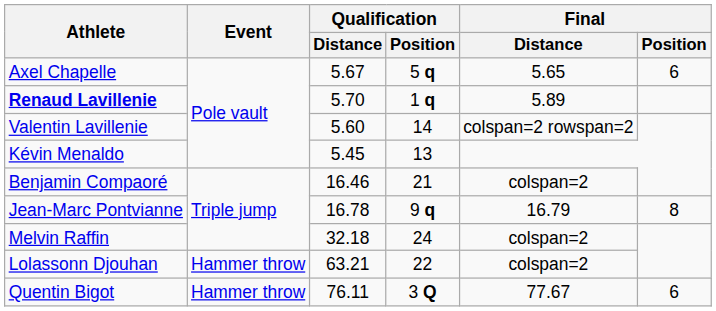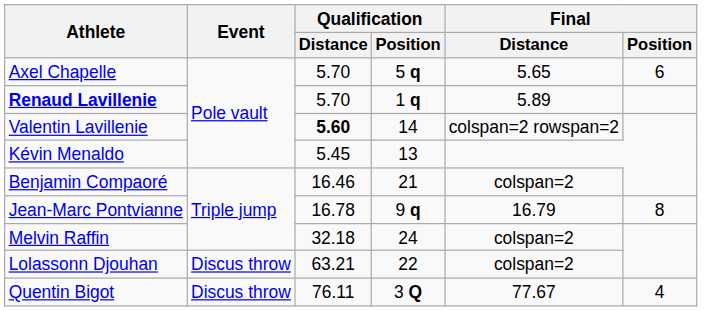 <table class=wikitable style=font-size:90%>
 <tr>
 <th rowspan=2>Athlete</th>
 <th rowspan=2>Event</th>
 <th colspan=2>Qualification</th>
 <th colspan=2>Final</th>
 </tr>
 <tr style=font-size:95%>
 <th>Distance</th>
 <th>Position</th>
 <th>Distance</th>
 <th>Position</th>
 </tr>
 <tr align=center>
 <td align=left><a href='#'>Axel Chapelle</a></td>
 <td align=left rowspan=4><a href='#'>Pole vault</a></td>
-<td>5.67</td>
+<td>5.70</td>
 <td>5 <strong>q</strong></td>
 <td>5.65</td>
 <td>6</td>
 </tr>
 <tr align=center>
 <td align=left><strong><a href='#'>Renaud Lavillenie</a></strong></td>
 <td>5.70</td>
 <td>1 <strong>q</strong></td>
 <td>5.89 <strong></strong></td>
 <td></td>
 </tr>
 <tr align=center>
 <td align=left><a href='#'>Valentin Lavillenie</a></td>
-<td>5.60</td>
+<td><strong>5.60</strong></td>
 <td>14</td>
 <td>colspan=2 rowspan=2 </td>
 </tr>
 <tr align=center>
 <td align=left><a href='#'>Kévin Menaldo</a></td>
 <td>5.45</td>
 <td>13</td>
 </tr>
 <tr align=center>
 <td align=left><a href='#'>Benjamin Compaoré</a></td>
 <td align=left rowspan=3><a href='#'>Triple jump</a></td>
 <td>16.46</td>
 <td>21</td>
 <td>colspan=2 </td>
 </tr>
 <tr align=center>
 <td align=left><a href='#'>Jean-Marc Pontvianne</a></td>
 <td>16.78</td>
 <td>9 <strong>q</strong></td>
 <td>16.79</td>
 <td>8</td>
 </tr>
 <tr align=center>
 <td align=left><a href='#'>Melvin Raffin</a></td>
 <td>32.18</td>
 <td>24</td>
 <td>colspan=2 </td>
 </tr>
 <tr align=center>
 <td align=left><a href='#'>Lolassonn Djouhan</a></td>
-<td align=left><a href='#'>Hammer throw</a></td>
+<td align=left><a href='#'>Discus throw</a></td>
 <td>63.21</td>
 <td>22</td>
 <td>colspan=2 </td>
 </tr>
 <tr align=center>
 <td align=left><a href='#'>Quentin Bigot</a></td>
-<td align=left><a href='#'>Hammer throw</a></td>
+<td align=left><a href='#'>Discus throw</a></td>
 <td>76.11</td>
 <td>3 <strong>Q</strong></td>
 <td>77.67</td>
-<td>6</td>
+<td>4</td>
 </tr>
 </table>
